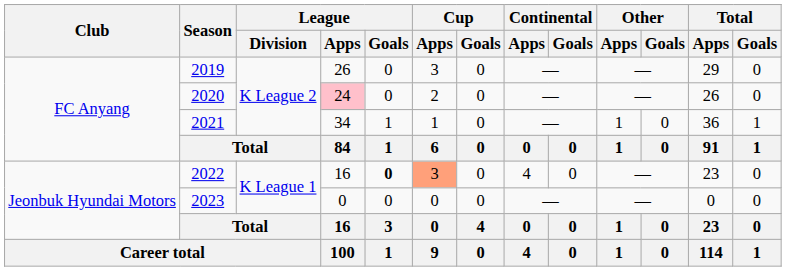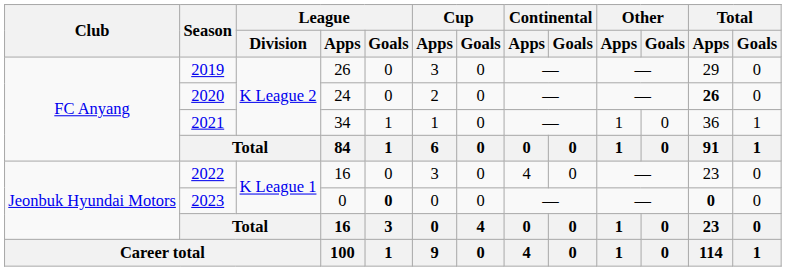 <table class="wikitable" style="text-align: center">
 <tr>
 <th rowspan="2">Club</th>
 <th rowspan="2">Season</th>
 <th colspan="3">League</th>
 <th colspan="2">Cup</th>
 <th colspan="2">Continental</th>
 <th colspan="2">Other</th>
 <th colspan="2">Total</th>
 </tr>
 <tr>
 <th>Division</th>
 <th>Apps</th>
 <th>Goals</th>
 <th>Apps</th>
 <th>Goals</th>
 <th>Apps</th>
 <th>Goals</th>
 <th>Apps</th>
 <th>Goals</th>
 <th>Apps</th>
 <th>Goals</th>
 </tr>
 <tr>
 <td rowspan=4><a href='#'>FC Anyang</a></td>
 <td><a href='#'>2019</a></td>
 <td rowspan=3><a href='#'>K League 2</a></td>
 <td>26</td>
 <td>0</td>
 <td>3</td>
 <td>0</td>
 <td colspan="2">—</td>
 <td colspan="2">—</td>
 <td>29</td>
 <td>0</td>
 </tr>
 <tr>
 <td><a href='#'>2020</a></td>
-<td style="background: pink;">24</td>
+<td>24</td>
 <td>0</td>
 <td>2</td>
 <td>0</td>
 <td colspan="2">—</td>
 <td colspan="2">—</td>
-<td>26</td>
+<td><strong>26</strong></td>
 <td>0</td>
 </tr>
 <tr>
 <td><a href='#'>2021</a></td>
 <td>34</td>
 <td>1</td>
 <td>1</td>
 <td>0</td>
 <td colspan="2">—</td>
 <td>1</td>
 <td>0</td>
 <td>36</td>
 <td>1</td>
 </tr>
 <tr>
 <th colspan=2>Total</th>
 <th>84</th>
 <th>1</th>
 <th>6</th>
 <th>0</th>
 <th>0</th>
 <th>0</th>
 <th>1</th>
 <th>0</th>
 <th>91</th>
 <th>1</th>
 </tr>
 <tr>
 <td rowspan=3><a href='#'>Jeonbuk Hyundai Motors</a></td>
 <td><a href='#'>2022</a></td>
 <td rowspan=2><a href='#'>K League 1</a></td>
 <td>16</td>
-<td><strong>0</strong></td>
-<td style="background: lightsalmon;">3</td>
+<td>0</td>
+<td>3</td>
 <td>0</td>
 <td>4</td>
 <td>0</td>
 <td colspan="2">—</td>
 <td>23</td>
 <td>0</td>
 </tr>
 <tr>
 <td><a href='#'>2023</a></td>
 <td>0</td>
-<td>0</td>
+<td><strong>0</strong></td>
 <td>0</td>
 <td>0</td>
 <td colspan="2">—</td>
 <td colspan="2">—</td>
-<td>0</td>
+<td><strong>0</strong></td>
 <td>0</td>
 </tr>
 <tr>
 <th colspan=2>Total</th>
 <th>16</th>
 <th>3</th>
 <th>0</th>
 <th>4</th>
 <th>0</th>
 <th>0</th>
 <th>1</th>
 <th>0</th>
 <th>23</th>
 <th>0</th>
 </tr>
 <tr>
 <th colspan=3>Career total</th>
 <th>100</th>
 <th>1</th>
 <th>9</th>
 <th>0</th>
 <th>4</th>
 <th>0</th>
 <th>1</th>
 <th>0</th>
 <th>114</th>
 <th>1</th>
 </tr>
 </table>
